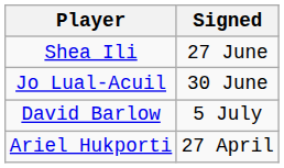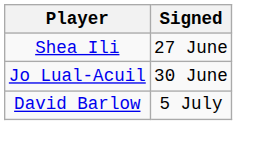 <table class="wikitable sortable sortable" style="text-align: center">
 <tr>
 <th>Player</th>
 <th>Signed</th>
 </tr>
 <tr>
 <td><a href='#'>Shea Ili</a></td>
 <td>27 June</td>
 </tr>
 <tr>
 <td><a href='#'>Jo Lual-Acuil</a></td>
 <td>30 June</td>
 </tr>
 <tr>
 <td><a href='#'>David Barlow</a></td>
 <td>5 July</td>
 </tr>
-<tr>
-<td><a href='#'>Ariel Hukporti</a></td>
-<td>27 April</td>
-</tr>
 </table>
